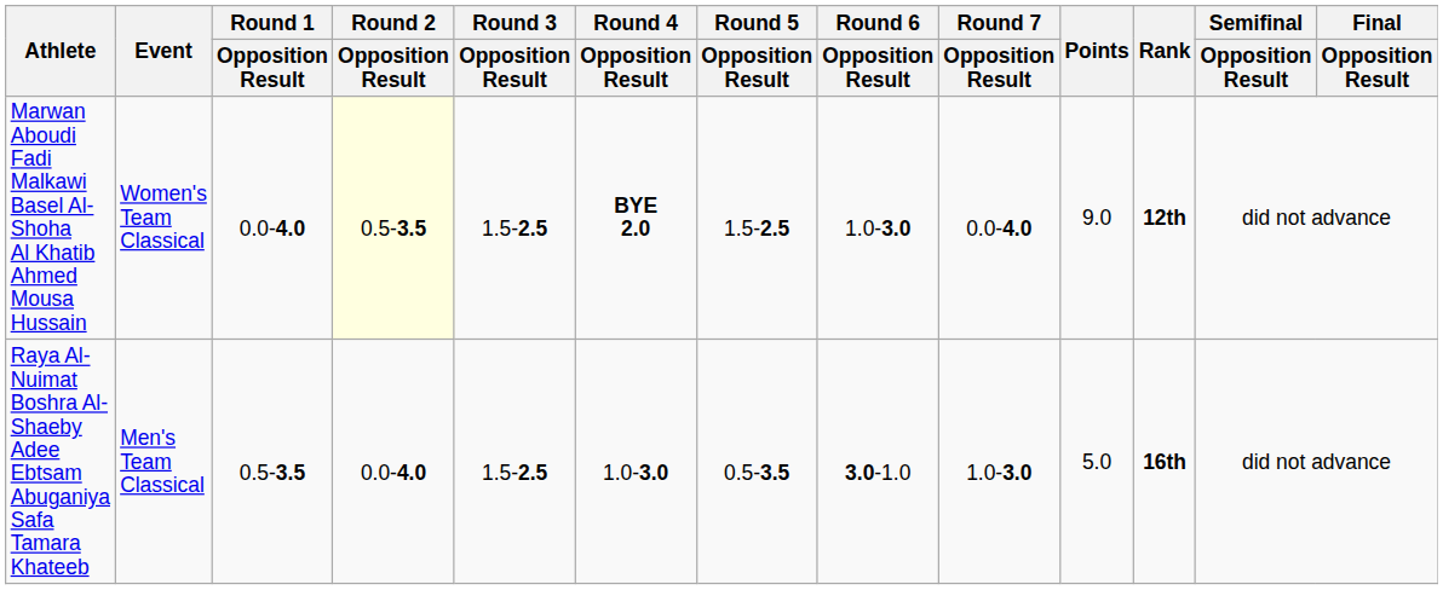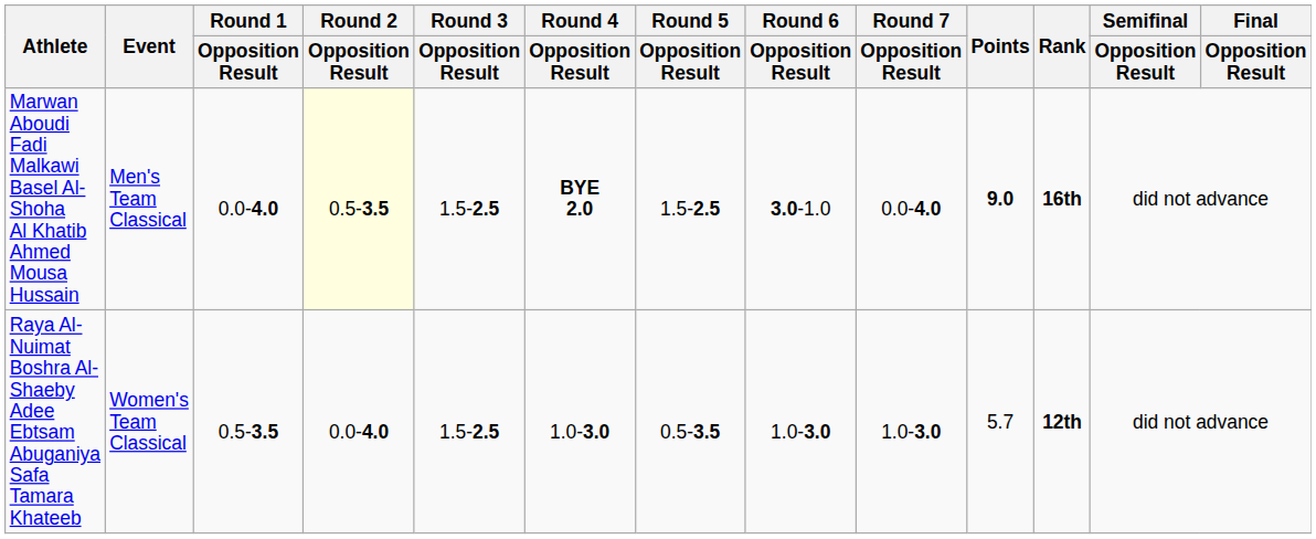 <table class=wikitable style="font-size:90%">
 <tr>
 <th rowspan=2>Athlete</th>
 <th rowspan=2>Event</th>
 <th>Round 1</th>
 <th>Round 2</th>
 <th>Round 3</th>
 <th>Round 4</th>
 <th>Round 5</th>
 <th>Round 6</th>
 <th>Round 7</th>
 <th rowspan=2>Points</th>
 <th rowspan=2>Rank</th>
 <th>Semifinal</th>
 <th>Final</th>
 </tr>
 <tr>
 <th>Opposition<br>Result</th>
 <th>Opposition<br>Result</th>
 <th>Opposition<br>Result</th>
 <th>Opposition<br>Result</th>
 <th>Opposition<br>Result</th>
 <th>Opposition<br>Result</th>
 <th>Opposition<br>Result</th>
 <th>Opposition<br>Result</th>
 <th>Opposition<br>Result</th>
 </tr>
 <tr>
 <td><a href='#'>Marwan Aboudi</a><br><a href='#'>Fadi Malkawi</a><br><a href='#'>Basel Al-Shoha</a><br><a href='#'>Al Khatib Ahmed</a><br><a href='#'>Mousa Hussain</a></td>
-<td><a href='#'>Women's Team Classical</a></td>
+<td><a href='#'>Men's Team Classical</a></td>
 <td align=center><br>0.0-<strong>4.0</strong></td>
 <td align=center style="background: lightyellow;"><br>0.5-<strong>3.5</strong></td>
 <td align=center><br>1.5-<strong>2.5</strong></td>
 <td align=center><strong>BYE<br>2.0</strong></td>
 <td align=center><br>1.5-<strong>2.5</strong></td>
-<td align=center><br>1.0-<strong>3.0</strong></td>
+<td align=center><br><strong>3.0</strong>-1.0</td>
 <td align=center><br>0.0-<strong>4.0</strong></td>
-<td align=center>9.0</td>
-<td align=center><strong>12th</strong></td>
+<td align=center><strong>9.0</strong></td>
+<td align=center><strong>16th</strong></td>
 <td style="text-align:center;" colspan="7">did not advance</td>
 </tr>
 <tr>
 <td><a href='#'>Raya Al-Nuimat</a><br><a href='#'>Boshra Al-Shaeby</a><br><a href='#'>Adee Ebtsam</a><br><a href='#'>Abuganiya Safa</a><br><a href='#'>Tamara Khateeb</a></td>
-<td><a href='#'>Men's Team Classical</a></td>
+<td><a href='#'>Women's Team Classical</a></td>
 <td align=center><br>0.5-<strong>3.5</strong></td>
 <td align=center><br>0.0-<strong>4.0</strong></td>
 <td align=center><br>1.5-<strong>2.5</strong></td>
 <td align=center><br>1.0-<strong>3.0</strong></td>
 <td align=center><br>0.5-<strong>3.5</strong></td>
-<td align=center><br><strong>3.0</strong>-1.0</td>
 <td align=center><br>1.0-<strong>3.0</strong></td>
-<td align=center>5.0</td>
-<td align=center><strong>16th</strong></td>
+<td align=center><br>1.0-<strong>3.0</strong></td>
+<td align=center>5.7</td>
+<td align=center><strong>12th</strong></td>
 <td style="text-align:center;" colspan="7">did not advance</td>
 </tr>
 </table>
